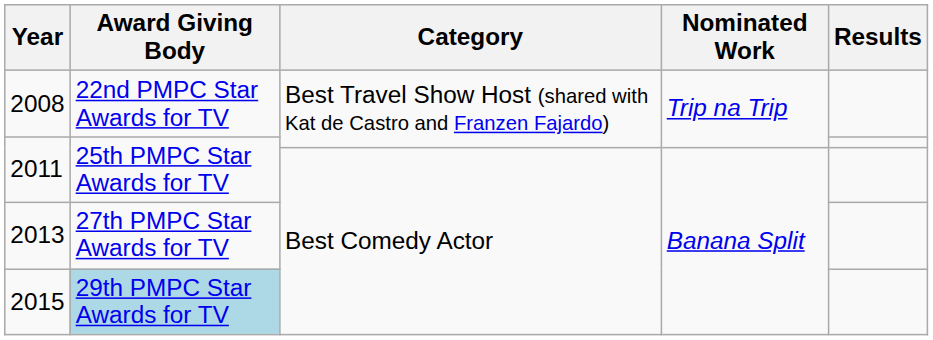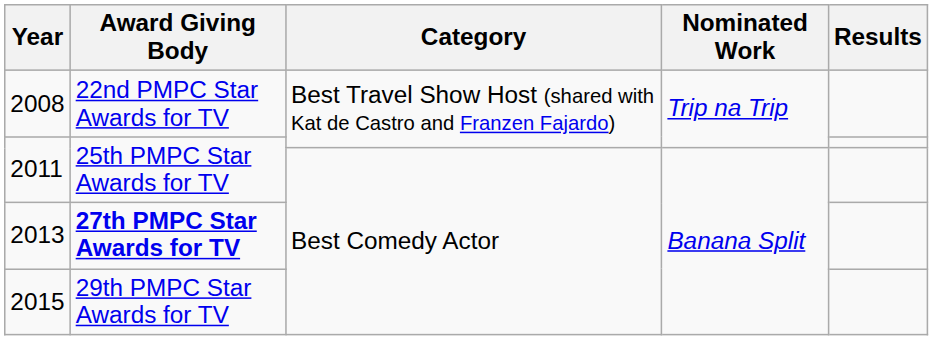 <table class="wikitable">
 <tr>
 <th>Year</th>
 <th>Award Giving Body</th>
 <th>Category</th>
 <th>Nominated Work</th>
 <th>Results</th>
 </tr>
 <tr>
 <td>2008</td>
 <td><a href='#'>22nd PMPC Star Awards for TV</a></td>
 <td rowspan=2>Best Travel Show Host <small>(shared with Kat de Castro and <a href='#'>Franzen Fajardo</a>)</small></td>
 <td rowspan=2><em><a href='#'>Trip na Trip</a></em></td>
 <td></td>
 </tr>
 <tr>
 <td rowspan=2>2011</td>
 <td rowspan=2><a href='#'>25th PMPC Star Awards for TV</a></td>
 <td></td>
 </tr>
 <tr>
 <td rowspan=3>Best Comedy Actor</td>
 <td rowspan=3><em><a href='#'>Banana Split</a></em></td>
 <td></td>
 </tr>
 <tr>
 <td>2013</td>
-<td><a href='#'>27th PMPC Star Awards for TV</a></td>
+<td><strong><a href='#'>27th PMPC Star Awards for TV</a></strong></td>
 <td></td>
 </tr>
 <tr>
 <td>2015</td>
-<td style="background: lightblue;"><a href='#'>29th PMPC Star Awards for TV</a></td>
+<td><a href='#'>29th PMPC Star Awards for TV</a></td>
 <td></td>
 </tr>
 </table>
